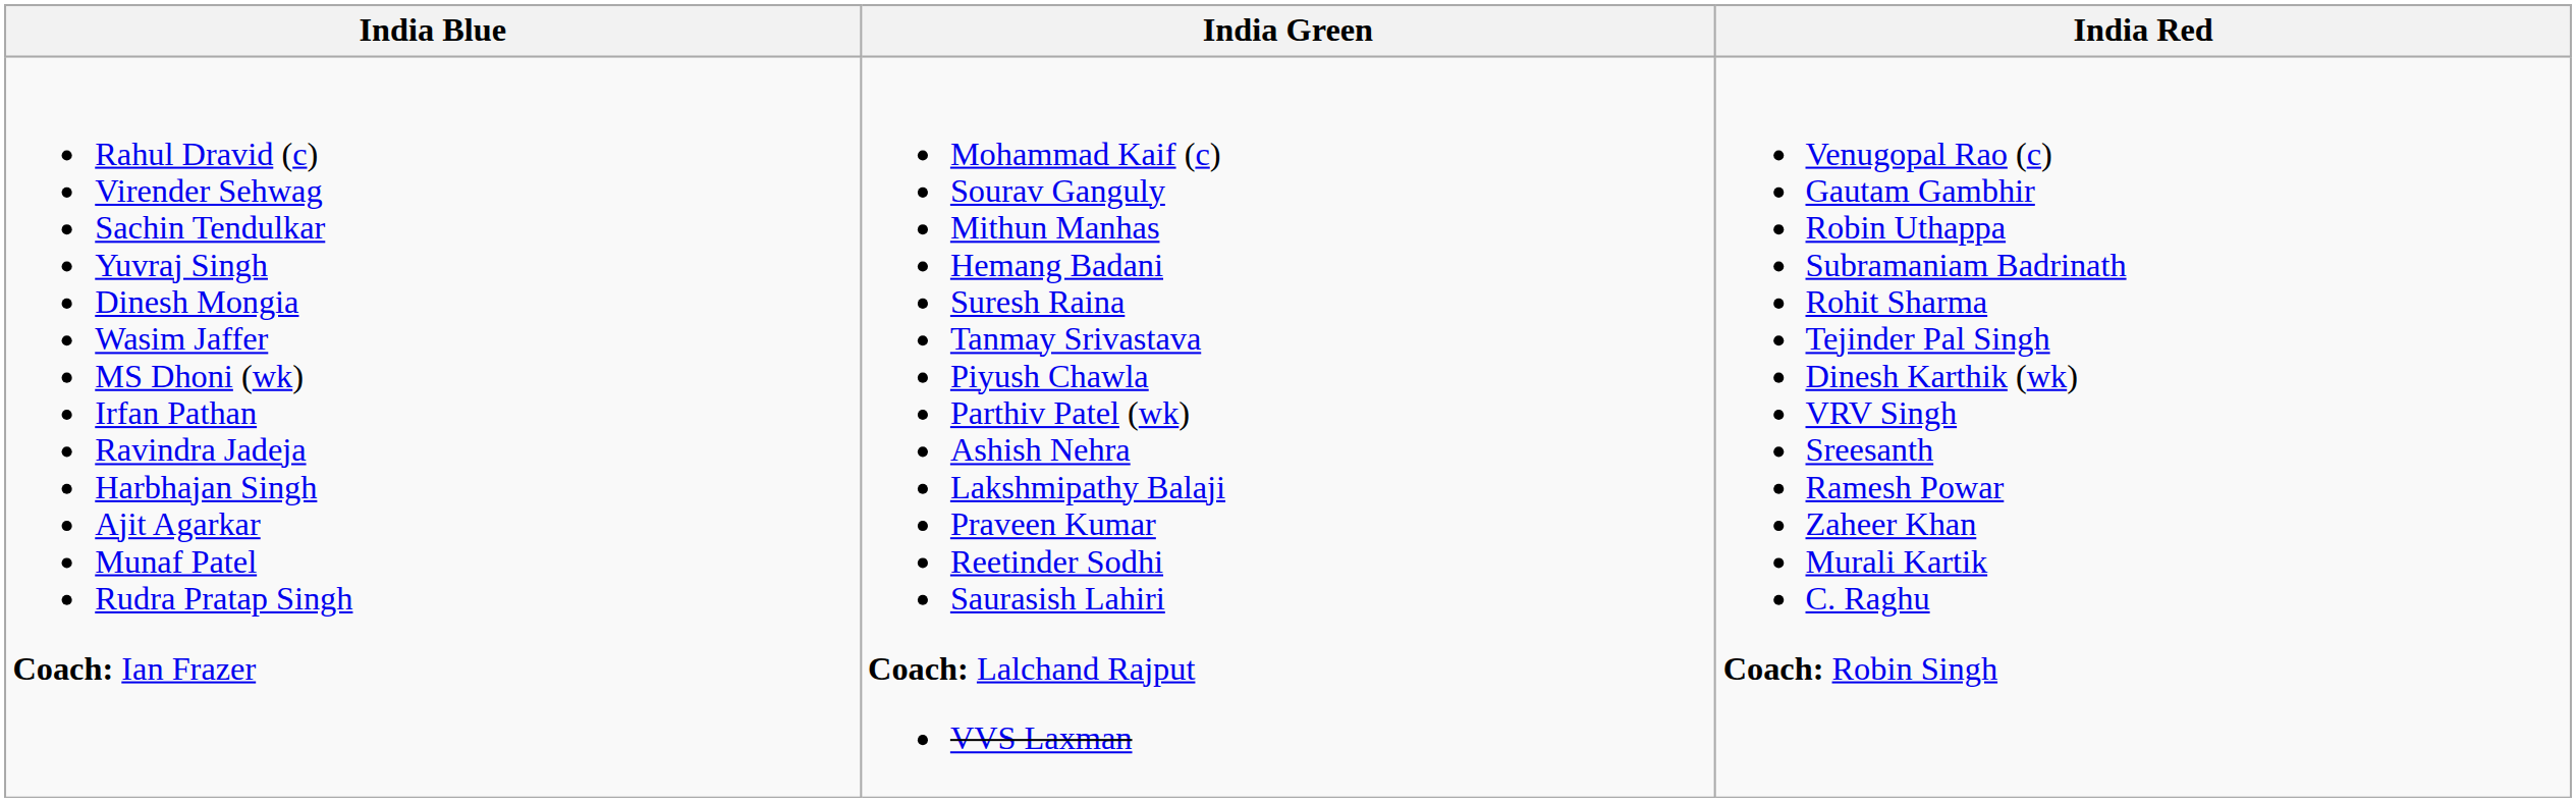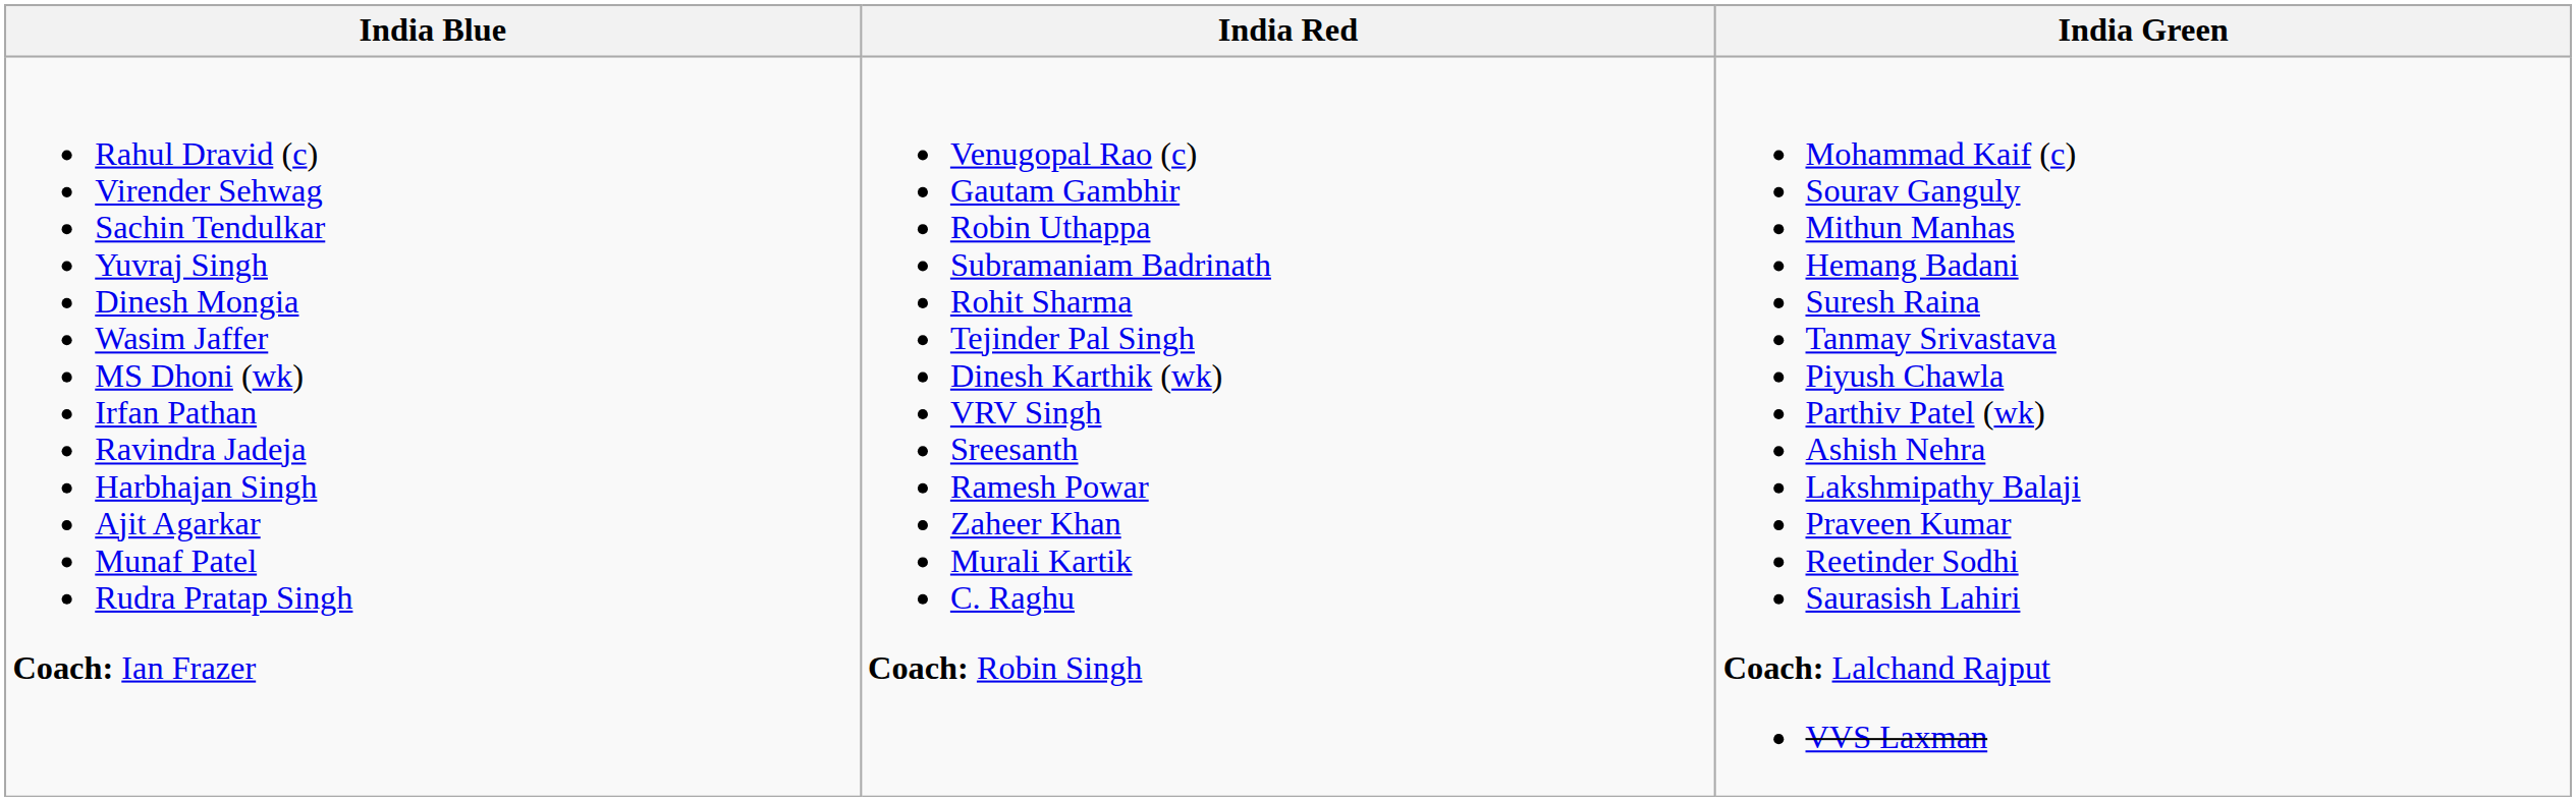 <table class="wikitable">
 <tr>
 <th style="width:15%;"> India Blue </th>
+<th style="width:15%;"> India Red </th>
 <th style="width:15%;"> India Green </th>
-<th style="width:15%;"> India Red </th>
 </tr>
 <tr style="vertical-align:top">
 <td><br><ul><li><a href='#'>Rahul Dravid</a> (<a href='#'>c</a>)</li><li><a href='#'>Virender Sehwag</a></li><li><a href='#'>Sachin Tendulkar</a></li><li><a href='#'>Yuvraj Singh</a></li><li><a href='#'>Dinesh Mongia</a></li><li><a href='#'>Wasim Jaffer</a></li><li><a href='#'>MS Dhoni</a> (<a href='#'>wk</a>)</li><li><a href='#'>Irfan Pathan</a></li><li><a href='#'>Ravindra Jadeja</a></li><li><a href='#'>Harbhajan Singh</a></li><li><a href='#'>Ajit Agarkar</a></li><li><a href='#'>Munaf Patel</a></li><li><a href='#'>Rudra Pratap Singh</a></li></ul><strong>Coach:</strong> <a href='#'>Ian Frazer</a></td>
+<td><br><ul><li><a href='#'>Venugopal Rao</a> (<a href='#'>c</a>)</li><li><a href='#'>Gautam Gambhir</a></li><li><a href='#'>Robin Uthappa</a></li><li><a href='#'>Subramaniam Badrinath</a></li><li><a href='#'>Rohit Sharma</a></li><li><a href='#'>Tejinder Pal Singh</a></li><li><a href='#'>Dinesh Karthik</a> (<a href='#'>wk</a>)</li><li><a href='#'>VRV Singh</a></li><li><a href='#'>Sreesanth</a></li><li><a href='#'>Ramesh Powar</a></li><li><a href='#'>Zaheer Khan</a></li><li><a href='#'>Murali Kartik</a></li><li><a href='#'>C. Raghu</a></li></ul><strong>Coach:</strong> <a href='#'>Robin Singh</a></td>
 <td><br><ul><li><a href='#'>Mohammad Kaif</a> (<a href='#'>c</a>)</li><li><a href='#'>Sourav Ganguly</a></li><li><a href='#'>Mithun Manhas</a></li><li><a href='#'>Hemang Badani</a></li><li><a href='#'>Suresh Raina</a></li><li><a href='#'>Tanmay Srivastava</a></li><li><a href='#'>Piyush Chawla</a></li><li><a href='#'>Parthiv Patel</a> (<a href='#'>wk</a>)</li><li><a href='#'>Ashish Nehra</a></li><li><a href='#'>Lakshmipathy Balaji</a></li><li><a href='#'>Praveen Kumar</a></li><li><a href='#'>Reetinder Sodhi</a></li><li><a href='#'>Saurasish Lahiri</a></li></ul><strong>Coach:</strong> <a href='#'>Lalchand Rajput</a><ul><li><s><a href='#'>VVS Laxman</a></s></li></ul></td>
-<td><br><ul><li><a href='#'>Venugopal Rao</a> (<a href='#'>c</a>)</li><li><a href='#'>Gautam Gambhir</a></li><li><a href='#'>Robin Uthappa</a></li><li><a href='#'>Subramaniam Badrinath</a></li><li><a href='#'>Rohit Sharma</a></li><li><a href='#'>Tejinder Pal Singh</a></li><li><a href='#'>Dinesh Karthik</a> (<a href='#'>wk</a>)</li><li><a href='#'>VRV Singh</a></li><li><a href='#'>Sreesanth</a></li><li><a href='#'>Ramesh Powar</a></li><li><a href='#'>Zaheer Khan</a></li><li><a href='#'>Murali Kartik</a></li><li><a href='#'>C. Raghu</a></li></ul><strong>Coach:</strong> <a href='#'>Robin Singh</a></td>
 </tr>
 </table>
